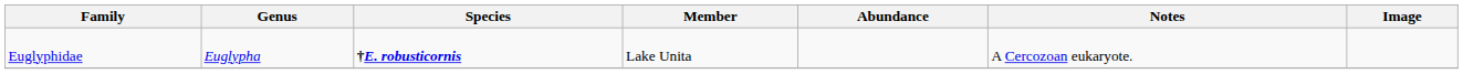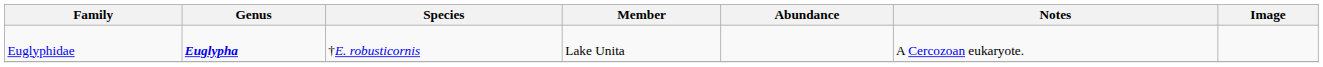 <table class="wikitable" style="margin:auto;width:100%;">
 <tr>
 <th>Family</th>
 <th>Genus</th>
 <th>Species</th>
 <th>Member</th>
 <th>Abundance</th>
 <th>Notes</th>
 <th>Image</th>
 </tr>
 <tr>
 <td><br><a href='#'>Euglyphidae</a></td>
-<td><br><em><a href='#'>Euglypha</a></em></td>
-<td><strong><br>†<em><a href='#'>E. robusticornis</a></em> </strong></td>
+<td><strong><br><em><a href='#'>Euglypha</a></em></strong></td>
+<td><br>†<em><a href='#'>E. robusticornis</a></em> </td>
 <td><br>Lake Unita</td>
 <td></td>
 <td><br>A <a href='#'>Cercozoan</a> eukaryote.</td>
 <td><br></td>
 </tr>
 <tr>
 </tr>
 </table>
